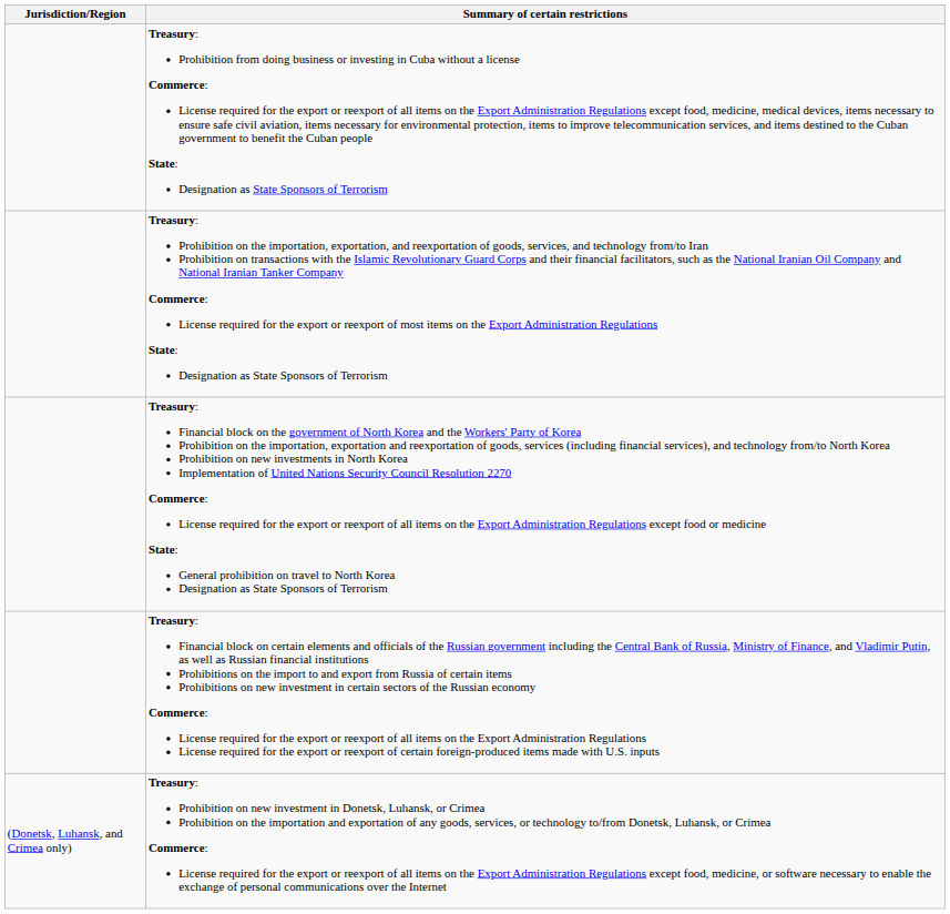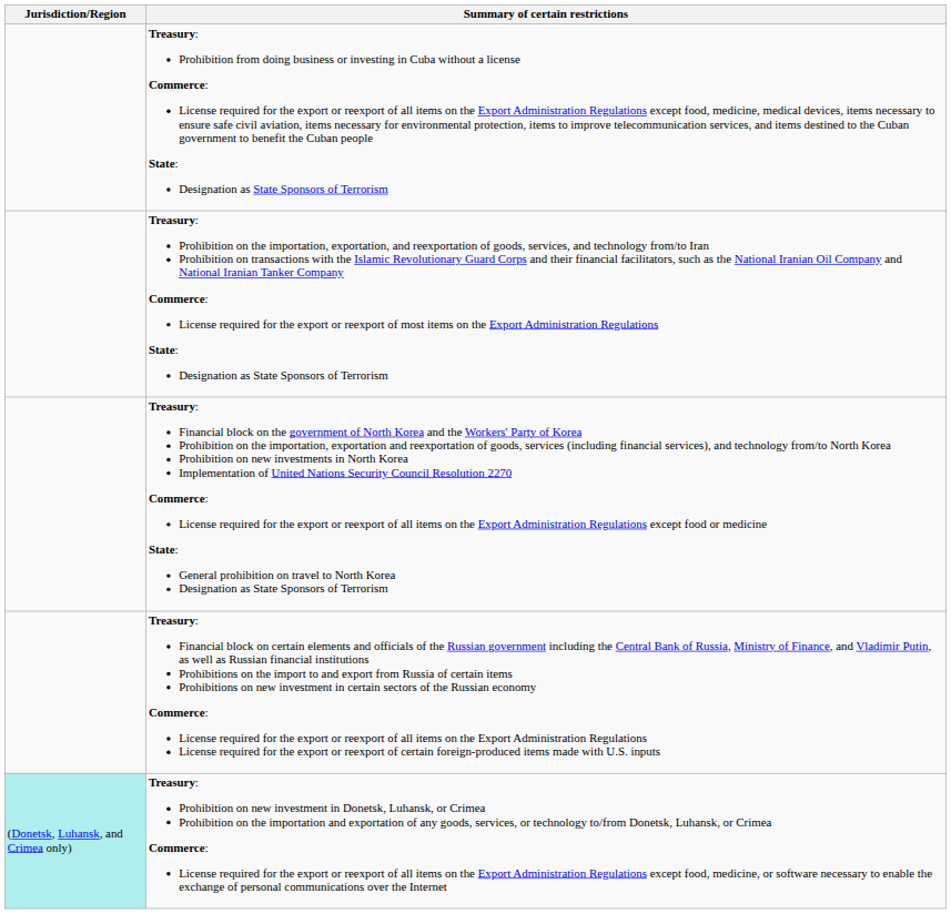 <table class="wikitable sortable">
 <tr>
 <th>Jurisdiction/Region</th>
 <th>Summary of certain restrictions</th>
 </tr>
 <tr>
 <td></td>
 <td><strong>Treasury</strong>:<br><ul><li>Prohibition from doing business or investing in Cuba without a license</li></ul><strong>Commerce</strong>:<ul><li>License required for the export or reexport of all items on the <a href='#'>Export Administration Regulations</a> except food, medicine, medical devices, items necessary to ensure safe civil aviation, items necessary for environmental protection, items to improve telecommunication services, and items destined to the Cuban government to benefit the Cuban people</li></ul><strong>State</strong>:<ul><li>Designation as <a href='#'>State Sponsors of Terrorism</a></li></ul></td>
 </tr>
 <tr>
 <td></td>
 <td><strong>Treasury</strong>:<br><ul><li>Prohibition on the importation, exportation, and reexportation of goods, services, and technology from/to Iran</li><li>Prohibition on transactions with the <a href='#'>Islamic Revolutionary Guard Corps</a> and their financial facilitators, such as the <a href='#'>National Iranian Oil Company</a> and <a href='#'>National Iranian Tanker Company</a></li></ul><strong>Commerce</strong>:<ul><li>License required for the export or reexport of most items on the <a href='#'>Export Administration Regulations</a></li></ul><strong>State</strong>:<ul><li>Designation as State Sponsors of Terrorism</li></ul></td>
 </tr>
 <tr>
 <td></td>
 <td><strong>Treasury</strong>:<br><ul><li>Financial block on the <a href='#'>government of North Korea</a> and the <a href='#'>Workers' Party of Korea</a></li><li>Prohibition on the importation, exportation and reexportation of goods, services (including financial services), and technology from/to North Korea</li><li>Prohibition on new investments in North Korea</li><li>Implementation of <a href='#'>United Nations Security Council Resolution 2270</a></li></ul><strong>Commerce</strong>:<ul><li>License required for the export or reexport of all items on the <a href='#'>Export Administration Regulations</a> except food or medicine</li></ul><strong>State</strong>:<ul><li>General prohibition on travel to North Korea</li><li>Designation as State Sponsors of Terrorism</li></ul></td>
 </tr>
 <tr>
 <td></td>
 <td><strong>Treasury</strong>:<br><ul><li>Financial block on certain elements and officials of the <a href='#'>Russian government</a> including the <a href='#'>Central Bank of Russia</a>, <a href='#'>Ministry of Finance</a>, and <a href='#'>Vladimir Putin</a>, as well as Russian financial institutions</li><li>Prohibitions on the import to and export from Russia of certain items</li><li>Prohibitions on new investment in certain sectors of the Russian economy</li></ul><strong>Commerce</strong>:<ul><li>License required for the export or reexport of all items on the Export Administration Regulations</li><li>License required for the export or reexport of certain foreign-produced items made with U.S. inputs</li></ul></td>
 </tr>
 <tr>
-<td> (<a href='#'>Donetsk</a>, <a href='#'>Luhansk</a>, and <a href='#'>Crimea</a> only)</td>
+<td style="background: paleturquoise;"> (<a href='#'>Donetsk</a>, <a href='#'>Luhansk</a>, and <a href='#'>Crimea</a> only)</td>
 <td><strong>Treasury</strong>:<br><ul><li>Prohibition on new investment in Donetsk, Luhansk, or Crimea</li><li>Prohibition on the importation and exportation of any goods, services, or technology to/from Donetsk, Luhansk, or Crimea</li></ul><strong>Commerce</strong>:<ul><li>License required for the export or reexport of all items on the <a href='#'>Export Administration Regulations</a> except food, medicine, or software necessary to enable the exchange of personal communications over the Internet</li></ul></td>
 </tr>
 </table>
